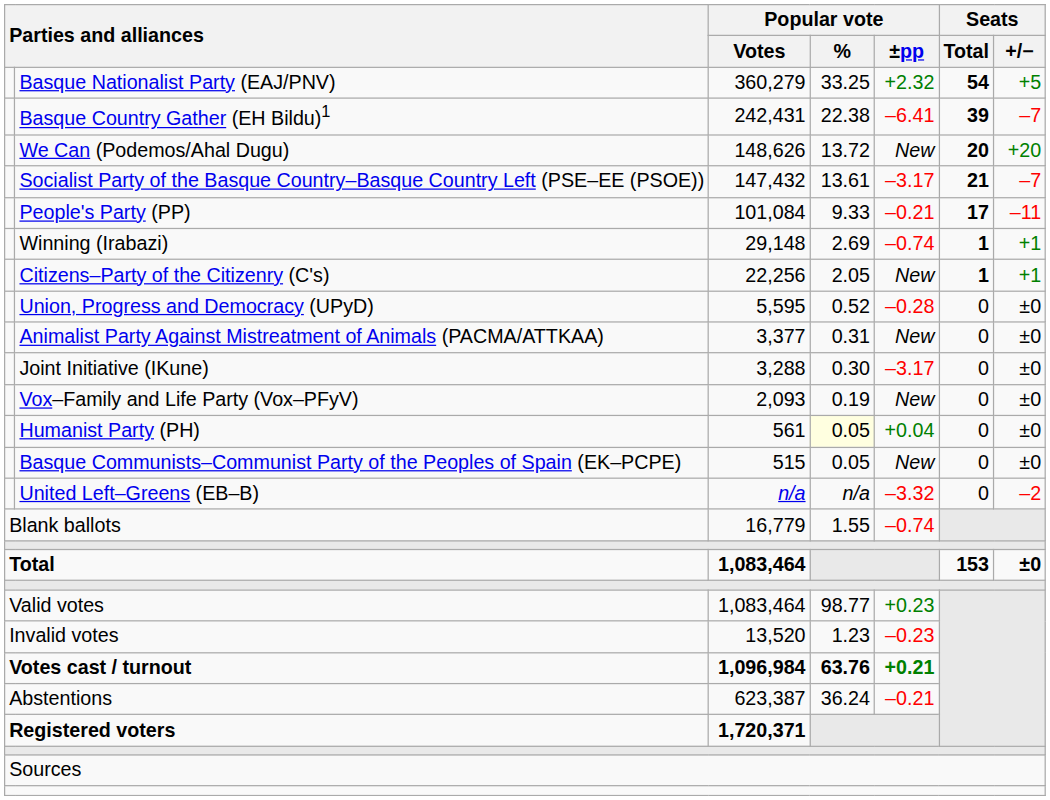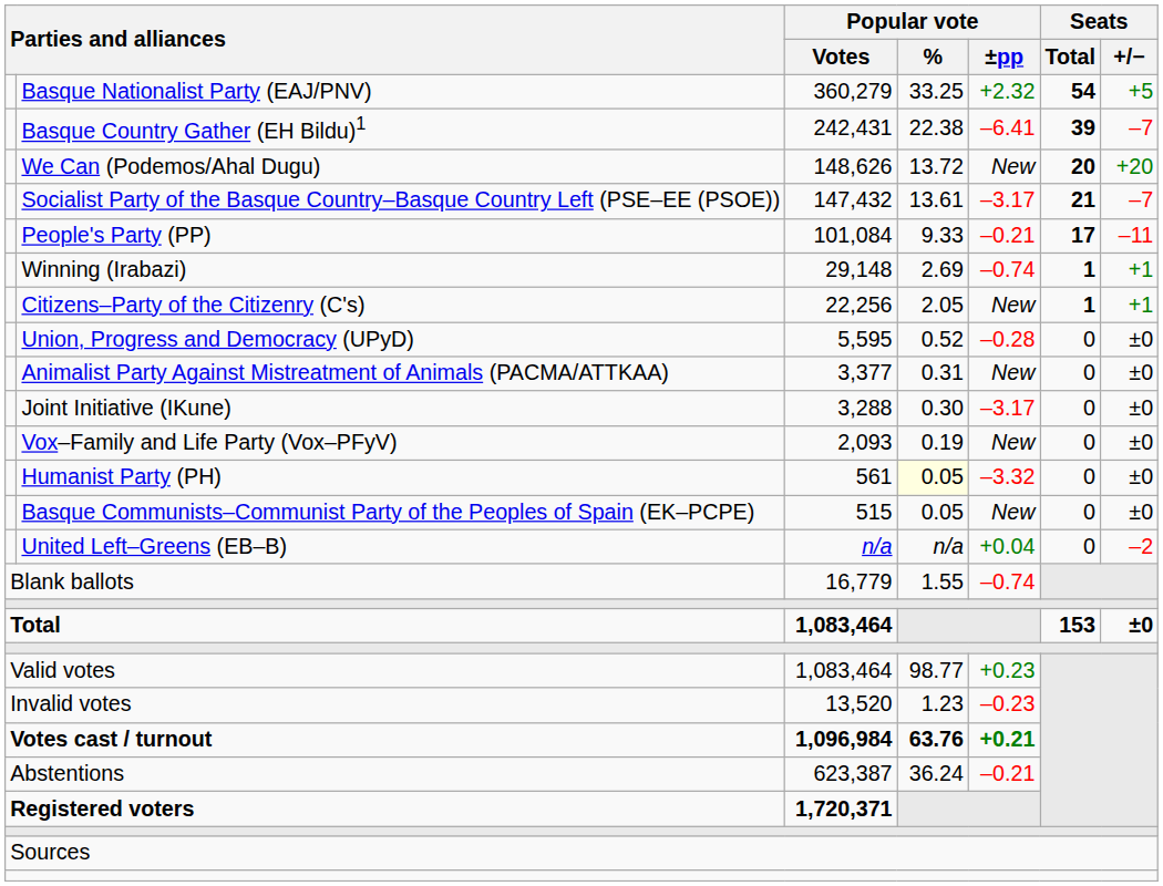 <table class="wikitable" style="text-align:right;">
 <tr>
 <th style="text-align:left;" rowspan="2" colspan="2" width="525">Parties and alliances</th>
 <th colspan="3">Popular vote</th>
 <th colspan="2">Seats</th>
 </tr>
 <tr>
 <th width="75">Votes</th>
 <th width="45">%</th>
 <th width="45">±<a href='#'>pp</a></th>
 <th width="35">Total</th>
 <th width="35">+/−</th>
 </tr>
 <tr>
 <td width="1" style="color:inherit;background:"></td>
 <td align="left"><a href='#'>Basque Nationalist Party</a> (EAJ/PNV)</td>
 <td>360,279</td>
 <td>33.25</td>
 <td style="color:green;">+2.32</td>
 <td><strong>54</strong></td>
 <td style="color:green;">+5</td>
 </tr>
 <tr>
 <td style="color:inherit;background:"></td>
 <td align="left"><a href='#'>Basque Country Gather</a> (EH Bildu)<sup>1</sup></td>
 <td>242,431</td>
 <td>22.38</td>
 <td style="color:red;">–6.41</td>
 <td><strong>39</strong></td>
 <td style="color:red;">–7</td>
 </tr>
 <tr>
 <td style="color:inherit;background:"></td>
 <td align="left"><a href='#'>We Can</a> (Podemos/Ahal Dugu)</td>
 <td>148,626</td>
 <td>13.72</td>
 <td><em>New</em></td>
 <td><strong>20</strong></td>
 <td style="color:green;">+20</td>
 </tr>
 <tr>
 <td style="color:inherit;background:"></td>
 <td align="left"><a href='#'>Socialist Party of the Basque Country–Basque Country Left</a> (PSE–EE (PSOE))</td>
 <td>147,432</td>
 <td>13.61</td>
 <td style="color:red;">–3.17</td>
 <td><strong>21</strong></td>
 <td style="color:red;">–7</td>
 </tr>
 <tr>
 <td style="color:inherit;background:"></td>
 <td align="left"><a href='#'>People's Party</a> (PP)</td>
 <td>101,084</td>
 <td>9.33</td>
 <td style="color:red;">–0.21</td>
 <td><strong>17</strong></td>
 <td style="color:red;">–11</td>
 </tr>
 <tr>
 <td style="color:inherit;background:"></td>
 <td align="left">Winning (Irabazi)</td>
 <td>29,148</td>
 <td>2.69</td>
 <td style="color:red;">–0.74</td>
 <td><strong>1</strong></td>
 <td style="color:green;">+1</td>
 </tr>
 <tr>
 <td style="color:inherit;background:"></td>
 <td align="left"><a href='#'>Citizens–Party of the Citizenry</a> (C's)</td>
 <td>22,256</td>
 <td>2.05</td>
 <td><em>New</em></td>
 <td><strong>1</strong></td>
 <td style="color:green;">+1</td>
 </tr>
 <tr>
 <td style="color:inherit;background:"></td>
 <td align="left"><a href='#'>Union, Progress and Democracy</a> (UPyD)</td>
 <td>5,595</td>
 <td>0.52</td>
 <td style="color:red;">–0.28</td>
 <td>0</td>
 <td>±0</td>
 </tr>
 <tr>
 <td style="color:inherit;background:"></td>
 <td align="left"><a href='#'>Animalist Party Against Mistreatment of Animals</a> (PACMA/ATTKAA)</td>
 <td>3,377</td>
 <td>0.31</td>
 <td><em>New</em></td>
 <td>0</td>
 <td>±0</td>
 </tr>
 <tr>
 <td style="color:inherit;background:"></td>
 <td align="left">Joint Initiative (IKune)</td>
 <td>3,288</td>
 <td>0.30</td>
 <td style="color:red;">–3.17</td>
 <td>0</td>
 <td>±0</td>
 </tr>
 <tr>
 <td style="color:inherit;background:"></td>
 <td align="left"><a href='#'>Vox</a>–Family and Life Party (Vox–PFyV)</td>
 <td>2,093</td>
 <td>0.19</td>
 <td><em>New</em></td>
 <td>0</td>
 <td>±0</td>
 </tr>
 <tr>
 <td style="color:inherit;background:"></td>
 <td align="left"><a href='#'>Humanist Party</a> (PH)</td>
 <td>561</td>
 <td style="background: lightyellow;">0.05</td>
-<td style="color:green;">+0.04</td>
+<td style="color:red;">–3.32</td>
 <td>0</td>
 <td>±0</td>
 </tr>
 <tr>
 <td style="color:inherit;background:"></td>
 <td align="left"><a href='#'>Basque Communists–Communist Party of the Peoples of Spain</a> (EK–PCPE)</td>
 <td>515</td>
 <td>0.05</td>
 <td><em>New</em></td>
 <td>0</td>
 <td>±0</td>
 </tr>
 <tr>
 <td style="color:inherit;background:"></td>
 <td align="left"><a href='#'>United Left–Greens</a> (EB–B)</td>
 <td><em><a href='#'>n/a</a></em></td>
 <td><em>n/a</em></td>
-<td style="color:red;">–3.32</td>
+<td style="color:green;">+0.04</td>
 <td>0</td>
 <td style="color:red;">–2</td>
 </tr>
 <tr>
 <td align="left" colspan="2">Blank ballots</td>
 <td>16,779</td>
 <td>1.55</td>
 <td style="color:red;">–0.74</td>
 <td bgcolor="#E9E9E9" colspan="2"></td>
 </tr>
 <tr>
 <td colspan="7" bgcolor="#E9E9E9"></td>
 </tr>
 <tr style="font-weight:bold;">
 <td align="left" colspan="2">Total</td>
 <td>1,083,464</td>
 <td bgcolor="#E9E9E9" colspan="2"></td>
 <td>153</td>
 <td>±0</td>
 </tr>
 <tr>
 <td colspan="7" bgcolor="#E9E9E9"></td>
 </tr>
 <tr>
 <td align="left" colspan="2">Valid votes</td>
 <td>1,083,464</td>
 <td>98.77</td>
 <td style="color:green;">+0.23</td>
 <td bgcolor="#E9E9E9" colspan="2" rowspan="5"></td>
 </tr>
 <tr>
 <td align="left" colspan="2">Invalid votes</td>
 <td>13,520</td>
 <td>1.23</td>
 <td style="color:red;">–0.23</td>
 </tr>
 <tr style="font-weight:bold;">
 <td align="left" colspan="2">Votes cast / turnout</td>
 <td>1,096,984</td>
 <td>63.76</td>
 <td style="color:green;">+0.21</td>
 </tr>
 <tr>
 <td align="left" colspan="2">Abstentions</td>
 <td>623,387</td>
 <td>36.24</td>
 <td style="color:red;">–0.21</td>
 </tr>
 <tr style="font-weight:bold;">
 <td align="left" colspan="2">Registered voters</td>
 <td>1,720,371</td>
 <td bgcolor="#E9E9E9" colspan="2"></td>
 </tr>
 <tr>
 <td colspan="7" bgcolor="#E9E9E9"></td>
 </tr>
 <tr>
 <td align="left" colspan="7">Sources</td>
 </tr>
 <tr>
 <td colspan="7" style="text-align:left; max-width:790px;"></td>
 </tr>
 </table>
